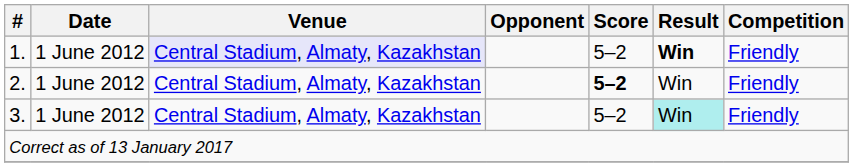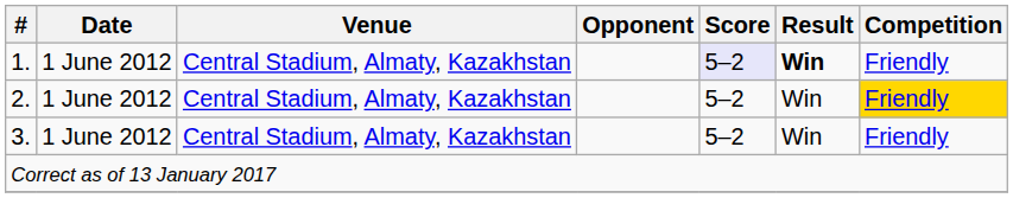 <table class="wikitable" style="font-size:95%;">
 <tr>
 <th>#</th>
 <th>Date</th>
 <th>Venue</th>
 <th>Opponent</th>
 <th>Score</th>
 <th>Result</th>
 <th>Competition</th>
 </tr>
 <tr>
 <td>1.</td>
 <td>1 June 2012</td>
-<td style="background: lavender;"><a href='#'>Central Stadium</a>, <a href='#'>Almaty</a>, <a href='#'>Kazakhstan</a></td>
+<td><a href='#'>Central Stadium</a>, <a href='#'>Almaty</a>, <a href='#'>Kazakhstan</a></td>
 <td></td>
-<td>5–2</td>
+<td style="background: lavender;">5–2</td>
 <td><strong>Win</strong></td>
 <td><a href='#'>Friendly</a></td>
 </tr>
 <tr>
 <td>2.</td>
 <td>1 June 2012</td>
 <td><a href='#'>Central Stadium</a>, <a href='#'>Almaty</a>, <a href='#'>Kazakhstan</a></td>
 <td></td>
-<td><strong>5–2</strong></td>
+<td>5–2</td>
 <td>Win</td>
-<td><a href='#'>Friendly</a></td>
+<td style="background: gold;"><a href='#'>Friendly</a></td>
 </tr>
 <tr>
 <td>3.</td>
 <td>1 June 2012</td>
 <td><a href='#'>Central Stadium</a>, <a href='#'>Almaty</a>, <a href='#'>Kazakhstan</a></td>
 <td></td>
 <td>5–2</td>
-<td style="background: paleturquoise;">Win</td>
+<td>Win</td>
 <td><a href='#'>Friendly</a></td>
 </tr>
 <tr>
 <td colspan="12"><small><em>Correct as of 13 January 2017</em></small></td>
 </tr>
 <tr>
 </tr>
 </table>
